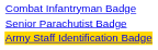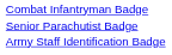 <table>
 <tr>
 <td> <a href='#'>Combat Infantryman Badge</a></td>
 </tr>
 <tr>
 <td> <a href='#'>Senior Parachutist Badge</a></td>
 </tr>
 <tr>
-<td style="background: gold;"> <a href='#'>Army Staff Identification Badge</a></td>
+<td> <a href='#'>Army Staff Identification Badge</a></td>
 </tr>
 </table>
